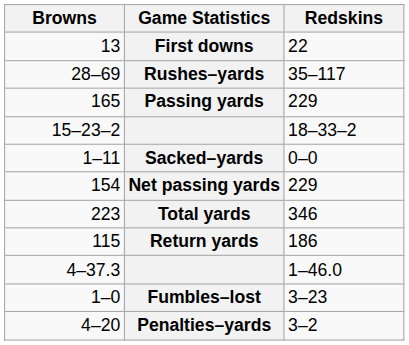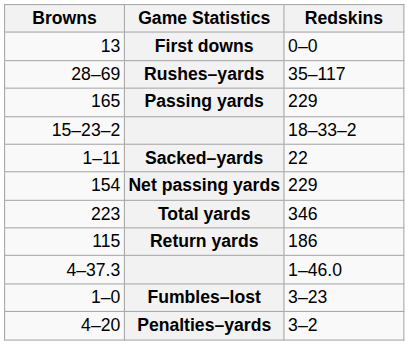 <table class="wikitable" style="margin: 1em auto 1em auto">
 <tr>
 <th style="width:30%;">Browns</th>
 <th style="width:40%;">Game Statistics</th>
 <th style="width:30%;">Redskins</th>
 </tr>
 <tr>
 <td style="text-align:right;">13</td>
 <th>First downs</th>
-<td>22</td>
+<td>0–0</td>
 </tr>
 <tr>
 <td style="text-align:right;">28–69</td>
 <th>Rushes–yards</th>
 <td>35–117</td>
 </tr>
 <tr>
 <td style="text-align:right;">165</td>
 <th>Passing yards</th>
 <td>229</td>
 </tr>
 <tr>
 <td style="text-align:right;">15–23–2</td>
 <th></th>
 <td>18–33–2</td>
 </tr>
 <tr>
 <td style="text-align:right;">1–11</td>
 <th>Sacked–yards</th>
-<td>0–0</td>
+<td>22</td>
 </tr>
 <tr>
 <td style="text-align:right;">154</td>
 <th>Net passing yards</th>
 <td>229</td>
 </tr>
 <tr>
 <td style="text-align:right;">223</td>
 <th>Total yards</th>
 <td>346</td>
 </tr>
 <tr>
 <td style="text-align:right;">115</td>
 <th>Return yards</th>
 <td>186</td>
 </tr>
 <tr>
 <td style="text-align:right;">4–37.3</td>
 <th></th>
 <td>1–46.0</td>
 </tr>
 <tr>
 <td style="text-align:right;">1–0</td>
 <th>Fumbles–lost</th>
 <td>3–23</td>
 </tr>
 <tr>
 <td style="text-align:right;">4–20</td>
 <th>Penalties–yards</th>
 <td>3–2</td>
 </tr>
 </table>
